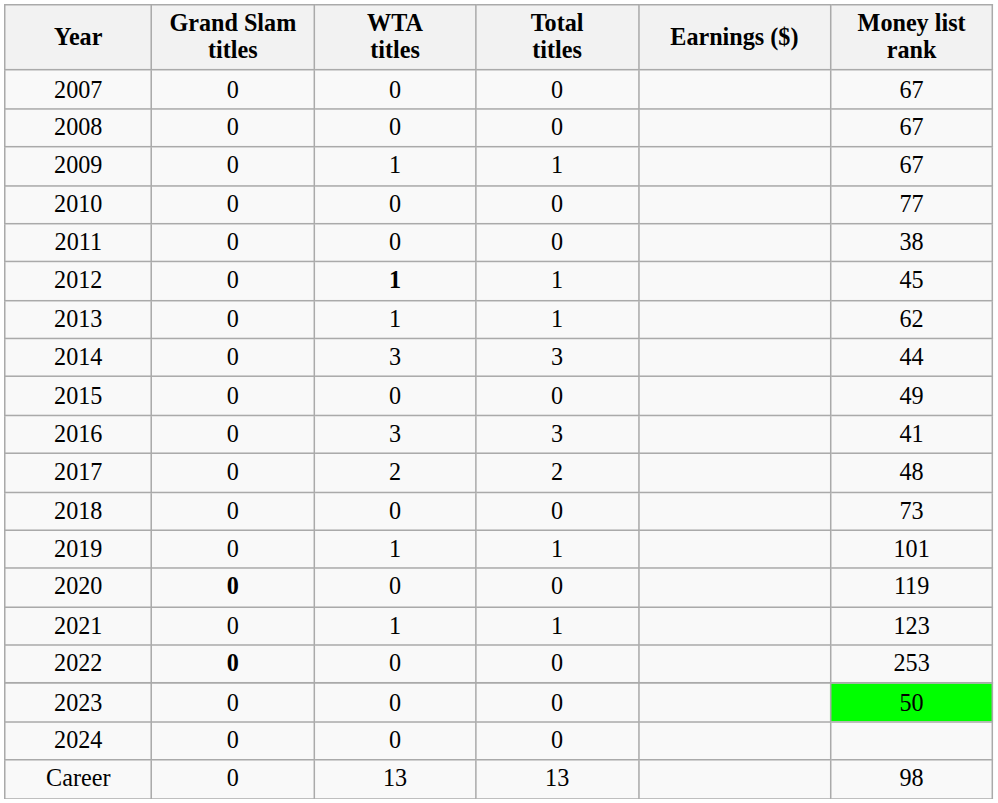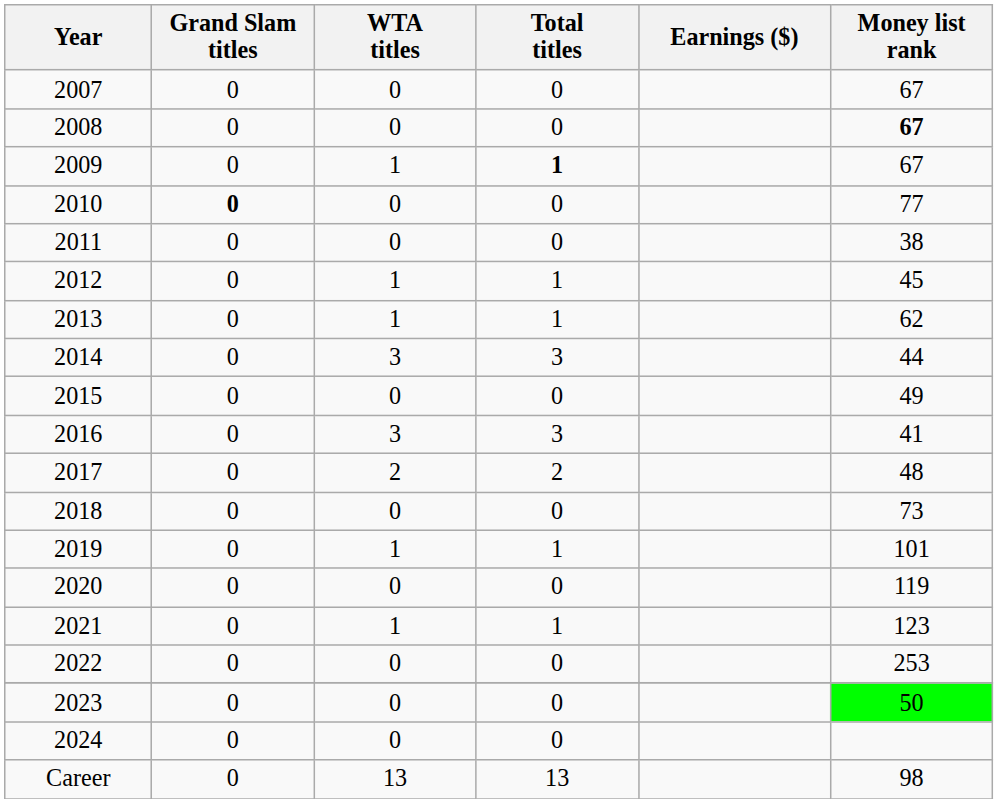 <table class="wikitable" style=text-align:center;">
 <tr>
 <th width="90">Year</th>
 <th width="100">Grand Slam <br>titles</th>
 <th width="100">WTA <br>titles</th>
 <th width="100">Total <br>titles</th>
 <th width="120">Earnings ($)</th>
 <th width="100">Money list rank</th>
 </tr>
 <tr>
 <td>2007</td>
 <td>0</td>
 <td>0</td>
 <td>0</td>
 <td align="right"></td>
 <td>67</td>
 </tr>
 <tr>
 <td>2008</td>
 <td>0</td>
 <td>0</td>
 <td>0</td>
 <td align="right"></td>
-<td>67</td>
+<td><strong>67</strong></td>
 </tr>
 <tr>
 <td>2009</td>
 <td>0</td>
 <td>1</td>
-<td>1</td>
+<td><strong>1</strong></td>
 <td align="right"></td>
 <td>67</td>
 </tr>
 <tr>
 <td>2010</td>
-<td>0</td>
+<td><strong>0</strong></td>
 <td>0</td>
 <td>0</td>
 <td align="right"></td>
 <td>77</td>
 </tr>
 <tr>
 <td>2011</td>
 <td>0</td>
 <td>0</td>
 <td>0</td>
 <td align="right"></td>
 <td>38</td>
 </tr>
 <tr>
 <td>2012</td>
 <td>0</td>
-<td><strong>1</strong></td>
+<td>1</td>
 <td>1</td>
 <td align="right"></td>
 <td>45</td>
 </tr>
 <tr>
 <td>2013</td>
 <td>0</td>
 <td>1</td>
 <td>1</td>
 <td align="right"></td>
 <td>62</td>
 </tr>
 <tr>
 <td>2014</td>
 <td>0</td>
 <td>3</td>
 <td>3</td>
 <td align="right"></td>
 <td>44</td>
 </tr>
 <tr>
 <td>2015</td>
 <td>0</td>
 <td>0</td>
 <td>0</td>
 <td align="right"></td>
 <td>49</td>
 </tr>
 <tr>
 <td>2016</td>
 <td>0</td>
 <td>3</td>
 <td>3</td>
 <td align="right"></td>
 <td>41</td>
 </tr>
 <tr>
 <td>2017</td>
 <td>0</td>
 <td>2</td>
 <td>2</td>
 <td align="right"></td>
 <td>48</td>
 </tr>
 <tr>
 <td>2018</td>
 <td>0</td>
 <td>0</td>
 <td>0</td>
 <td align="right"></td>
 <td>73</td>
 </tr>
 <tr>
 <td>2019</td>
 <td>0</td>
 <td>1</td>
 <td>1</td>
 <td align="right"></td>
 <td>101</td>
 </tr>
 <tr>
 <td>2020</td>
-<td><strong>0</strong></td>
+<td>0</td>
 <td>0</td>
 <td>0</td>
 <td align="right"></td>
 <td>119</td>
 </tr>
 <tr>
 <td>2021</td>
 <td>0</td>
 <td>1</td>
 <td>1</td>
 <td align="right"></td>
 <td>123</td>
 </tr>
 <tr>
 <td>2022</td>
-<td><strong>0</strong></td>
+<td>0</td>
 <td>0</td>
 <td>0</td>
 <td align=right></td>
 <td>253</td>
 </tr>
 <tr style=font-weight:bold>
 </tr>
 <tr>
 </tr>
 <tr>
 <td>2023</td>
 <td>0</td>
 <td>0</td>
 <td>0</td>
 <td style="text-align:right"></td>
 <td style="background:lime;">50</td>
 </tr>
 <tr>
 <td>2024</td>
 <td>0</td>
 <td>0</td>
 <td>0</td>
 <td style="text-align:right"></td>
 </tr>
 <tr>
 <td>Career</td>
 <td>0</td>
 <td>13</td>
 <td>13</td>
 <td align="right"></td>
 <td>98</td>
 </tr>
 </table>
